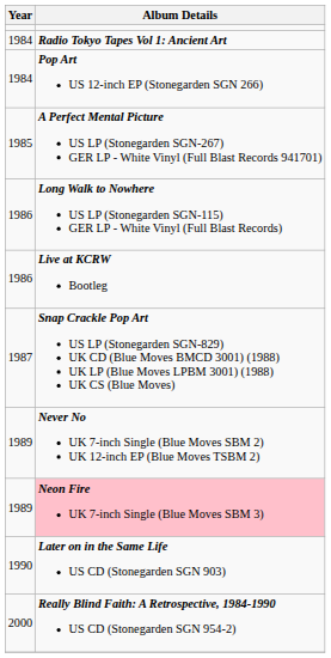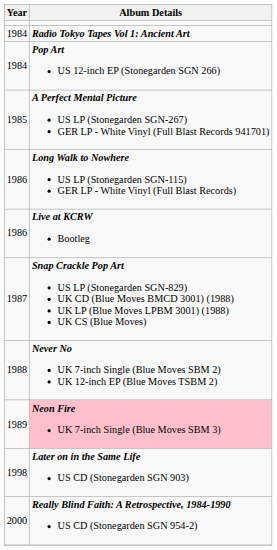 <table class="wikitable">
 <tr>
 <th>Year</th>
 <th>Album Details</th>
 </tr>
 <tr>
 <td></td>
 </tr>
 <tr>
 <td>1984</td>
 <td><strong><em>Radio Tokyo Tapes Vol 1: Ancient Art</em></strong></td>
 </tr>
 <tr>
 <td>1984</td>
 <td><strong><em>Pop Art</em></strong><br><ul><li>US 12-inch EP (Stonegarden SGN 266)</li></ul></td>
 </tr>
 <tr>
 <td>1985</td>
 <td><strong><em>A Perfect Mental Picture</em></strong><br><ul><li>US LP (Stonegarden SGN-267)</li><li>GER LP - White Vinyl (Full Blast Records 941701)</li></ul></td>
 </tr>
 <tr>
 <td>1986</td>
 <td><strong><em>Long Walk to Nowhere</em></strong><br><ul><li>US LP (Stonegarden SGN-115)</li><li>GER LP - White Vinyl (Full Blast Records)</li></ul></td>
 </tr>
 <tr>
 <td>1986</td>
 <td><strong><em>Live at KCRW</em></strong><br><ul><li>Bootleg</li></ul></td>
 </tr>
 <tr>
 <td>1987</td>
 <td><strong><em>Snap Crackle Pop Art</em></strong><br><ul><li>US LP (Stonegarden SGN-829)</li><li>UK CD (Blue Moves BMCD 3001) (1988)</li><li>UK LP (Blue Moves LPBM 3001) (1988)</li><li>UK CS (Blue Moves)</li></ul></td>
 </tr>
 <tr>
-<td>1989</td>
+<td>1988</td>
 <td><strong><em>Never No</em></strong><br><ul><li>UK 7-inch Single (Blue Moves SBM 2)</li><li>UK 12-inch EP (Blue Moves TSBM 2)</li></ul></td>
 </tr>
 <tr>
 <td>1989</td>
 <td style="background: pink;"><strong><em>Neon Fire</em></strong><br><ul><li>UK 7-inch Single (Blue Moves SBM 3)</li></ul></td>
 </tr>
 <tr>
-<td>1990</td>
+<td>1998</td>
 <td><strong><em>Later on in the Same Life</em></strong><br><ul><li>US CD (Stonegarden SGN 903)</li></ul></td>
 </tr>
 <tr>
 <td>2000</td>
 <td><strong><em>Really Blind Faith: A Retrospective, 1984-1990</em></strong><br><ul><li>US CD (Stonegarden SGN 954-2)</li></ul></td>
 </tr>
 <tr>
 </tr>
 </table>
